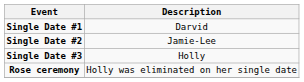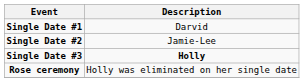 <table class="wikitable sortable" style="text-align:center;">
 <tr>
 <th>Event</th>
 <th>Description</th>
 </tr>
 <tr>
 <td><strong>Single Date #1</strong></td>
 <td>Darvid</td>
 </tr>
 <tr>
 <td><strong>Single Date #2</strong></td>
 <td>Jamie-Lee</td>
 </tr>
 <tr>
 <td><strong>Single Date #3</strong></td>
-<td>Holly</td>
+<td><strong>Holly</strong></td>
 </tr>
 <tr>
 <td><strong>Rose ceremony</strong></td>
 <td>Holly was eliminated on her single date</td>
 </tr>
 <tr>
 </tr>
 </table>
